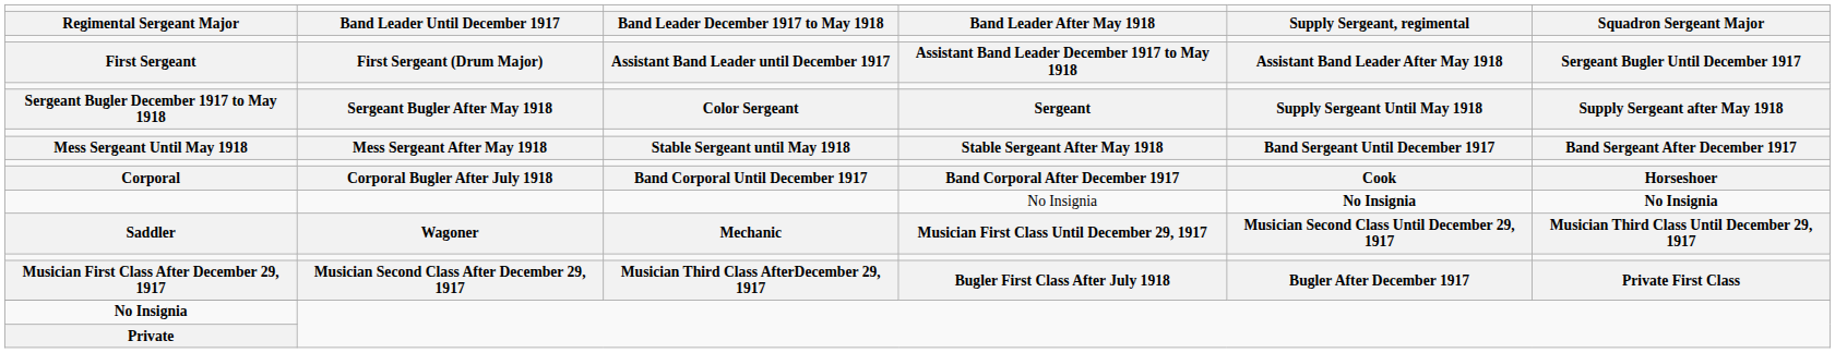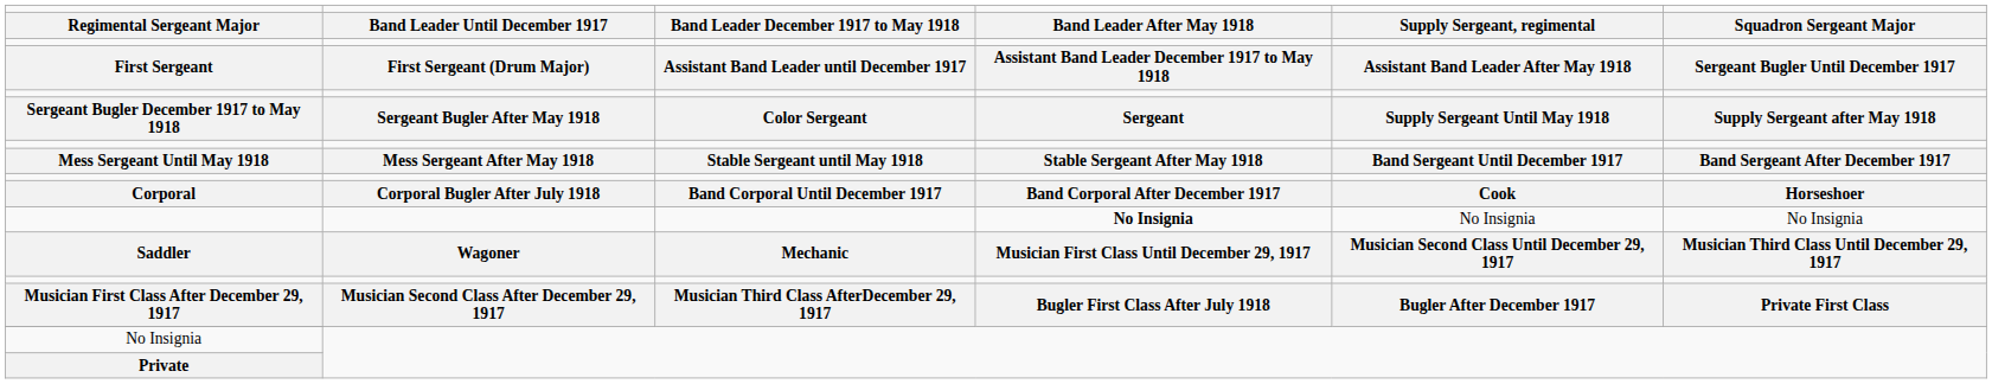 <table class="wikitable" style="text-align:center">
 <tr>
 <td></td>
 <td></td>
 <td></td>
 <td></td>
 <td></td>
 <td></td>
 </tr>
 <tr>
 <th>Regimental Sergeant Major</th>
 <th>Band Leader Until December 1917</th>
 <th>Band Leader December 1917 to May 1918</th>
 <th>Band Leader After May 1918</th>
 <th>Supply Sergeant, regimental</th>
 <th>Squadron Sergeant Major</th>
 </tr>
 <tr>
 <td></td>
 <td></td>
 <td></td>
 <td></td>
 <td></td>
 <td></td>
 </tr>
 <tr>
 <th>First Sergeant</th>
 <th>First Sergeant (Drum Major)</th>
 <th>Assistant Band Leader until December 1917</th>
 <th>Assistant Band Leader December 1917 to May 1918</th>
 <th>Assistant Band Leader After May 1918</th>
 <th>Sergeant Bugler Until December 1917</th>
 </tr>
 <tr>
 <td></td>
 <td></td>
 <td></td>
 <td></td>
 <td></td>
 <td></td>
 </tr>
 <tr>
 <th>Sergeant Bugler December 1917 to May 1918</th>
 <th>Sergeant Bugler After May 1918</th>
 <th>Color Sergeant</th>
 <th>Sergeant</th>
 <th>Supply Sergeant Until May 1918</th>
 <th>Supply Sergeant after May 1918</th>
 </tr>
 <tr>
 <td></td>
 <td></td>
 <td></td>
 <td></td>
 <td></td>
 <td></td>
 </tr>
 <tr>
 <th>Mess Sergeant Until May 1918</th>
 <th>Mess Sergeant After May 1918</th>
 <th>Stable Sergeant until May 1918</th>
 <th>Stable Sergeant After May 1918</th>
 <th>Band Sergeant Until December 1917</th>
 <th>Band Sergeant After December 1917</th>
 </tr>
 <tr>
 <td></td>
 <td></td>
 <td></td>
 <td></td>
 <td></td>
 <td></td>
 </tr>
 <tr>
 <th>Corporal</th>
 <th>Corporal Bugler After July 1918</th>
 <th>Band Corporal Until December 1917</th>
 <th>Band Corporal After December 1917</th>
 <th>Cook</th>
 <th>Horseshoer</th>
 </tr>
 <tr>
 <td></td>
 <td></td>
 <td></td>
+<td><strong>No Insignia</strong></td>
 <td>No Insignia</td>
-<td><strong>No Insignia</strong></td>
-<td><strong>No Insignia</strong></td>
+<td>No Insignia</td>
 </tr>
 <tr>
 <th>Saddler</th>
 <th>Wagoner</th>
 <th>Mechanic</th>
 <th>Musician First Class Until December 29, 1917</th>
 <th>Musician Second Class Until December 29, 1917</th>
 <th>Musician Third Class Until  December 29, 1917</th>
 </tr>
 <tr>
 <td></td>
 <td></td>
 <td></td>
 <td></td>
 <td></td>
 <td></td>
 </tr>
 <tr>
 <th>Musician First Class After December 29, 1917</th>
 <th>Musician Second Class After December 29, 1917</th>
 <th>Musician Third Class AfterDecember 29, 1917</th>
 <th>Bugler First Class After July 1918</th>
 <th>Bugler After December 1917</th>
 <th>Private First Class</th>
 </tr>
 <tr>
 </tr>
 <tr>
-<td><strong>No Insignia</strong></td>
+<td>No Insignia</td>
 </tr>
 <tr>
 <th>Private</th>
 </tr>
 </table>
